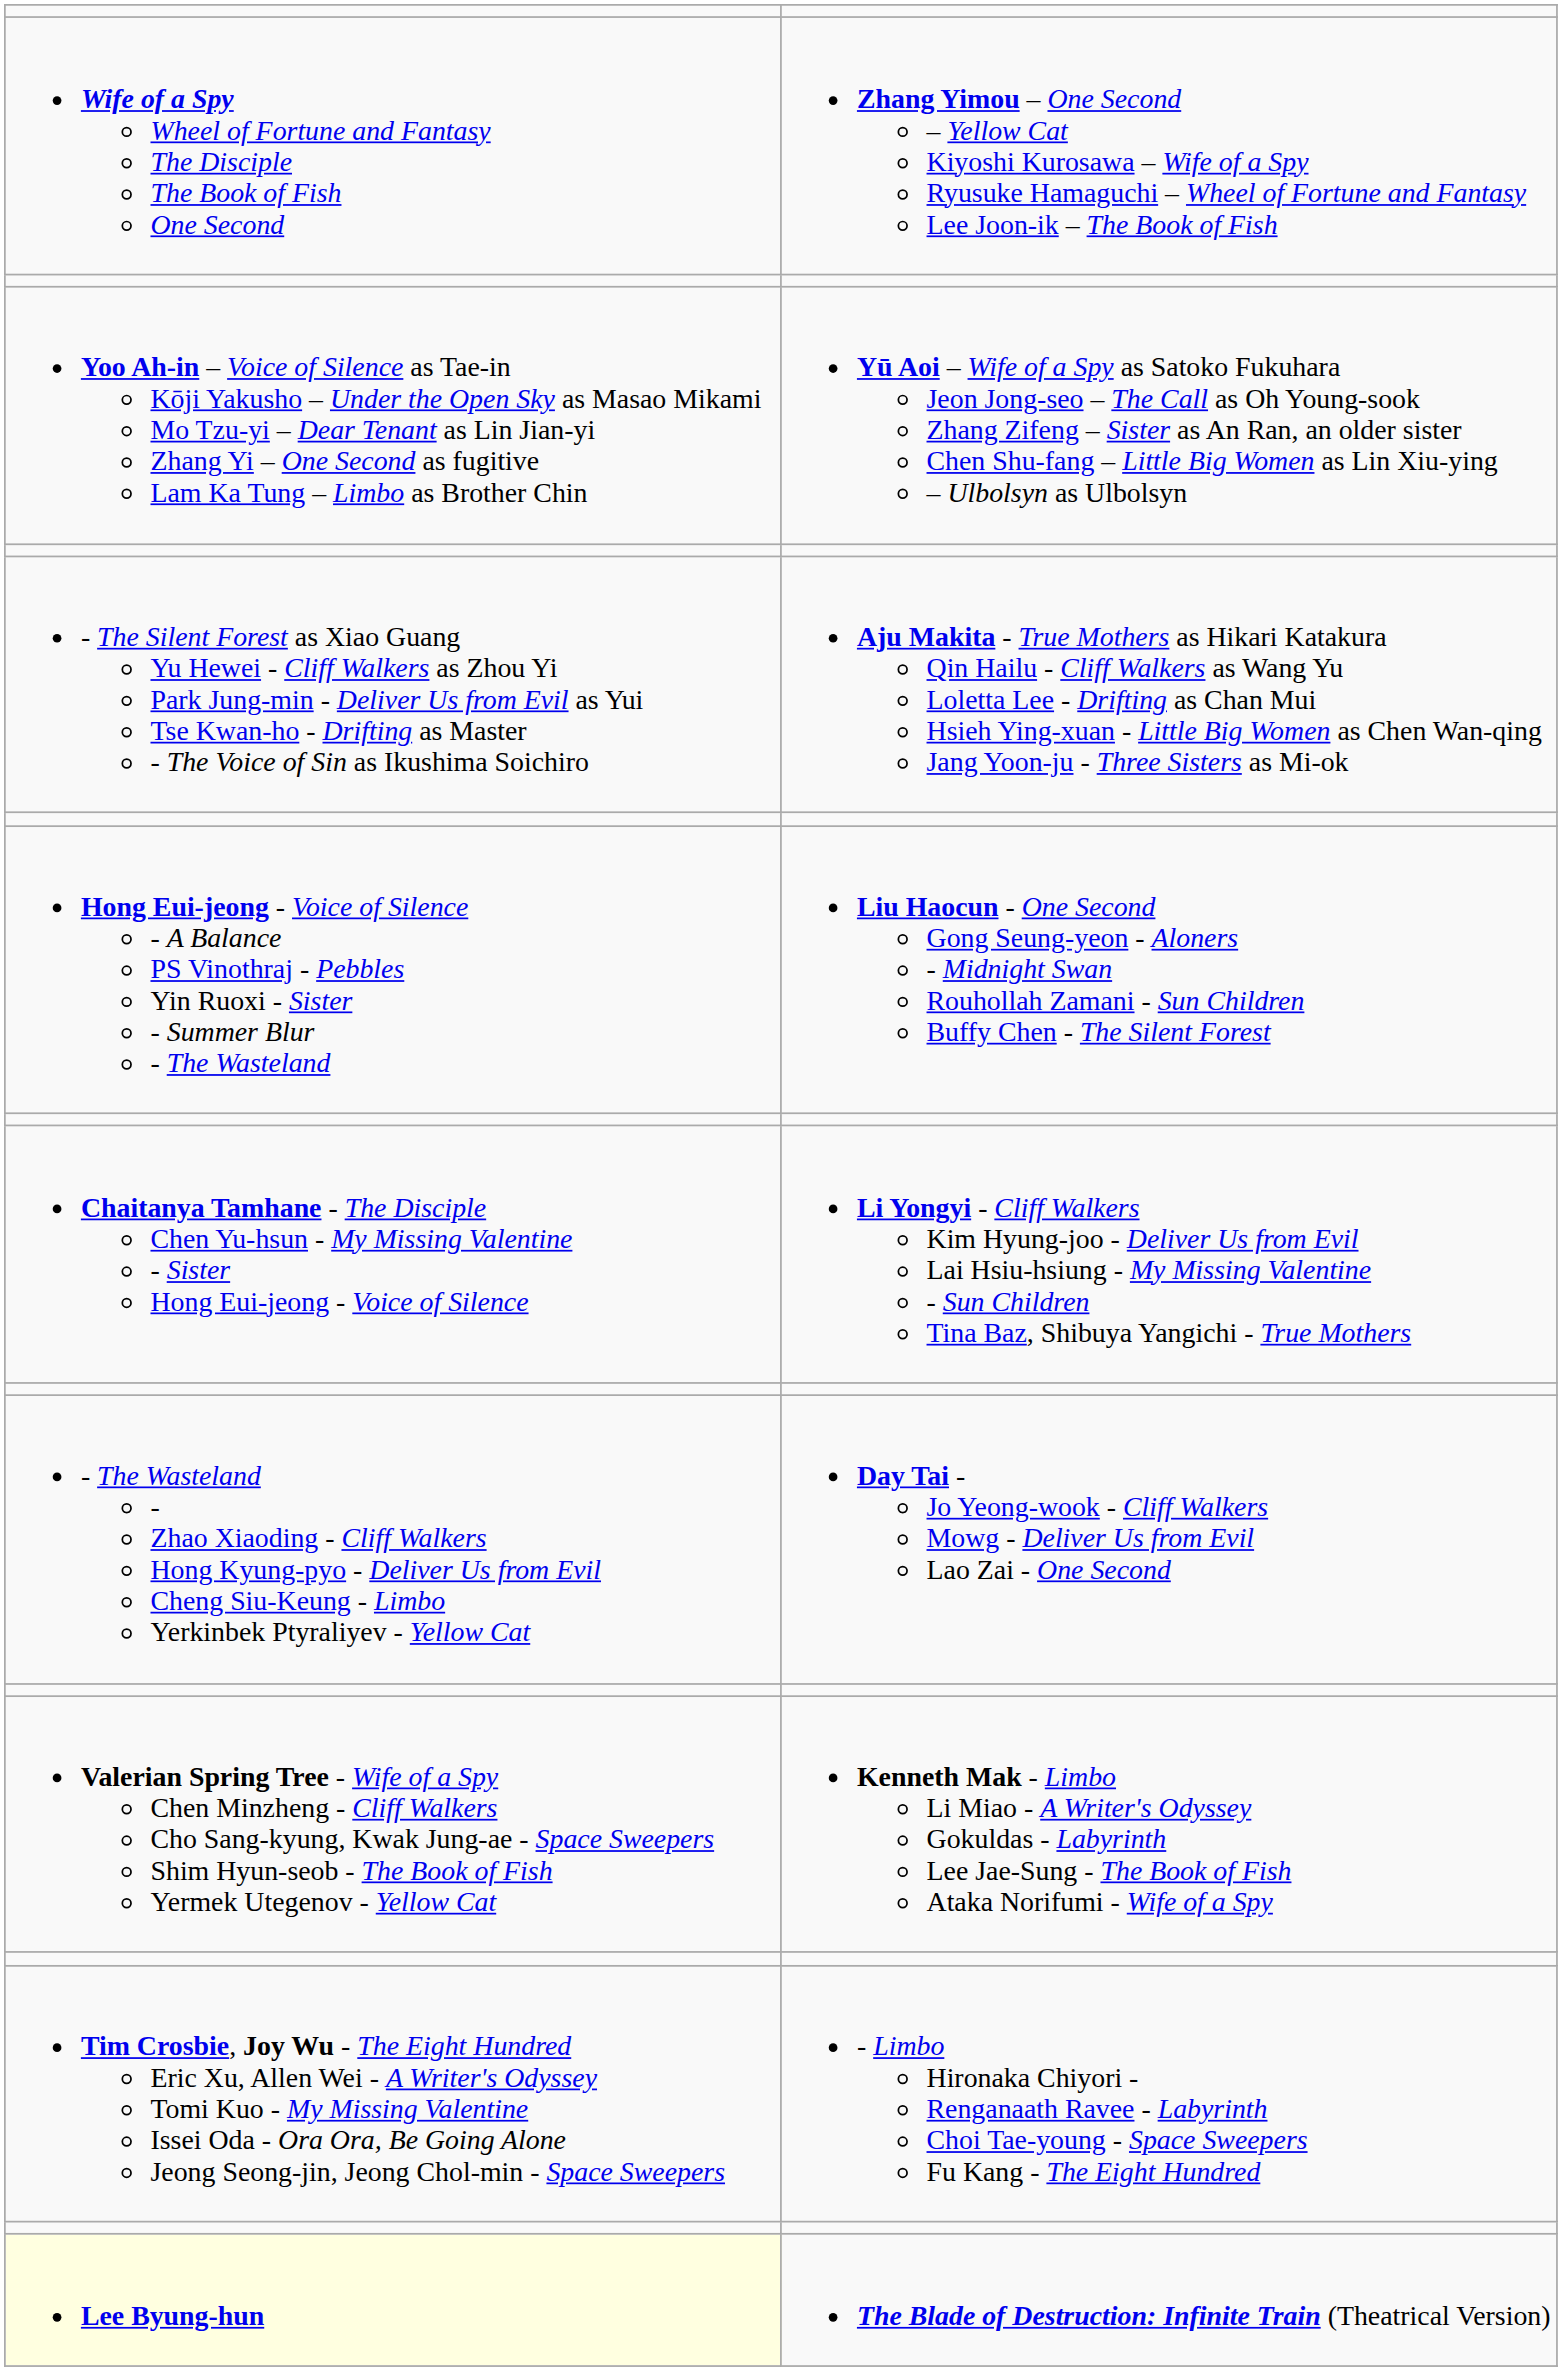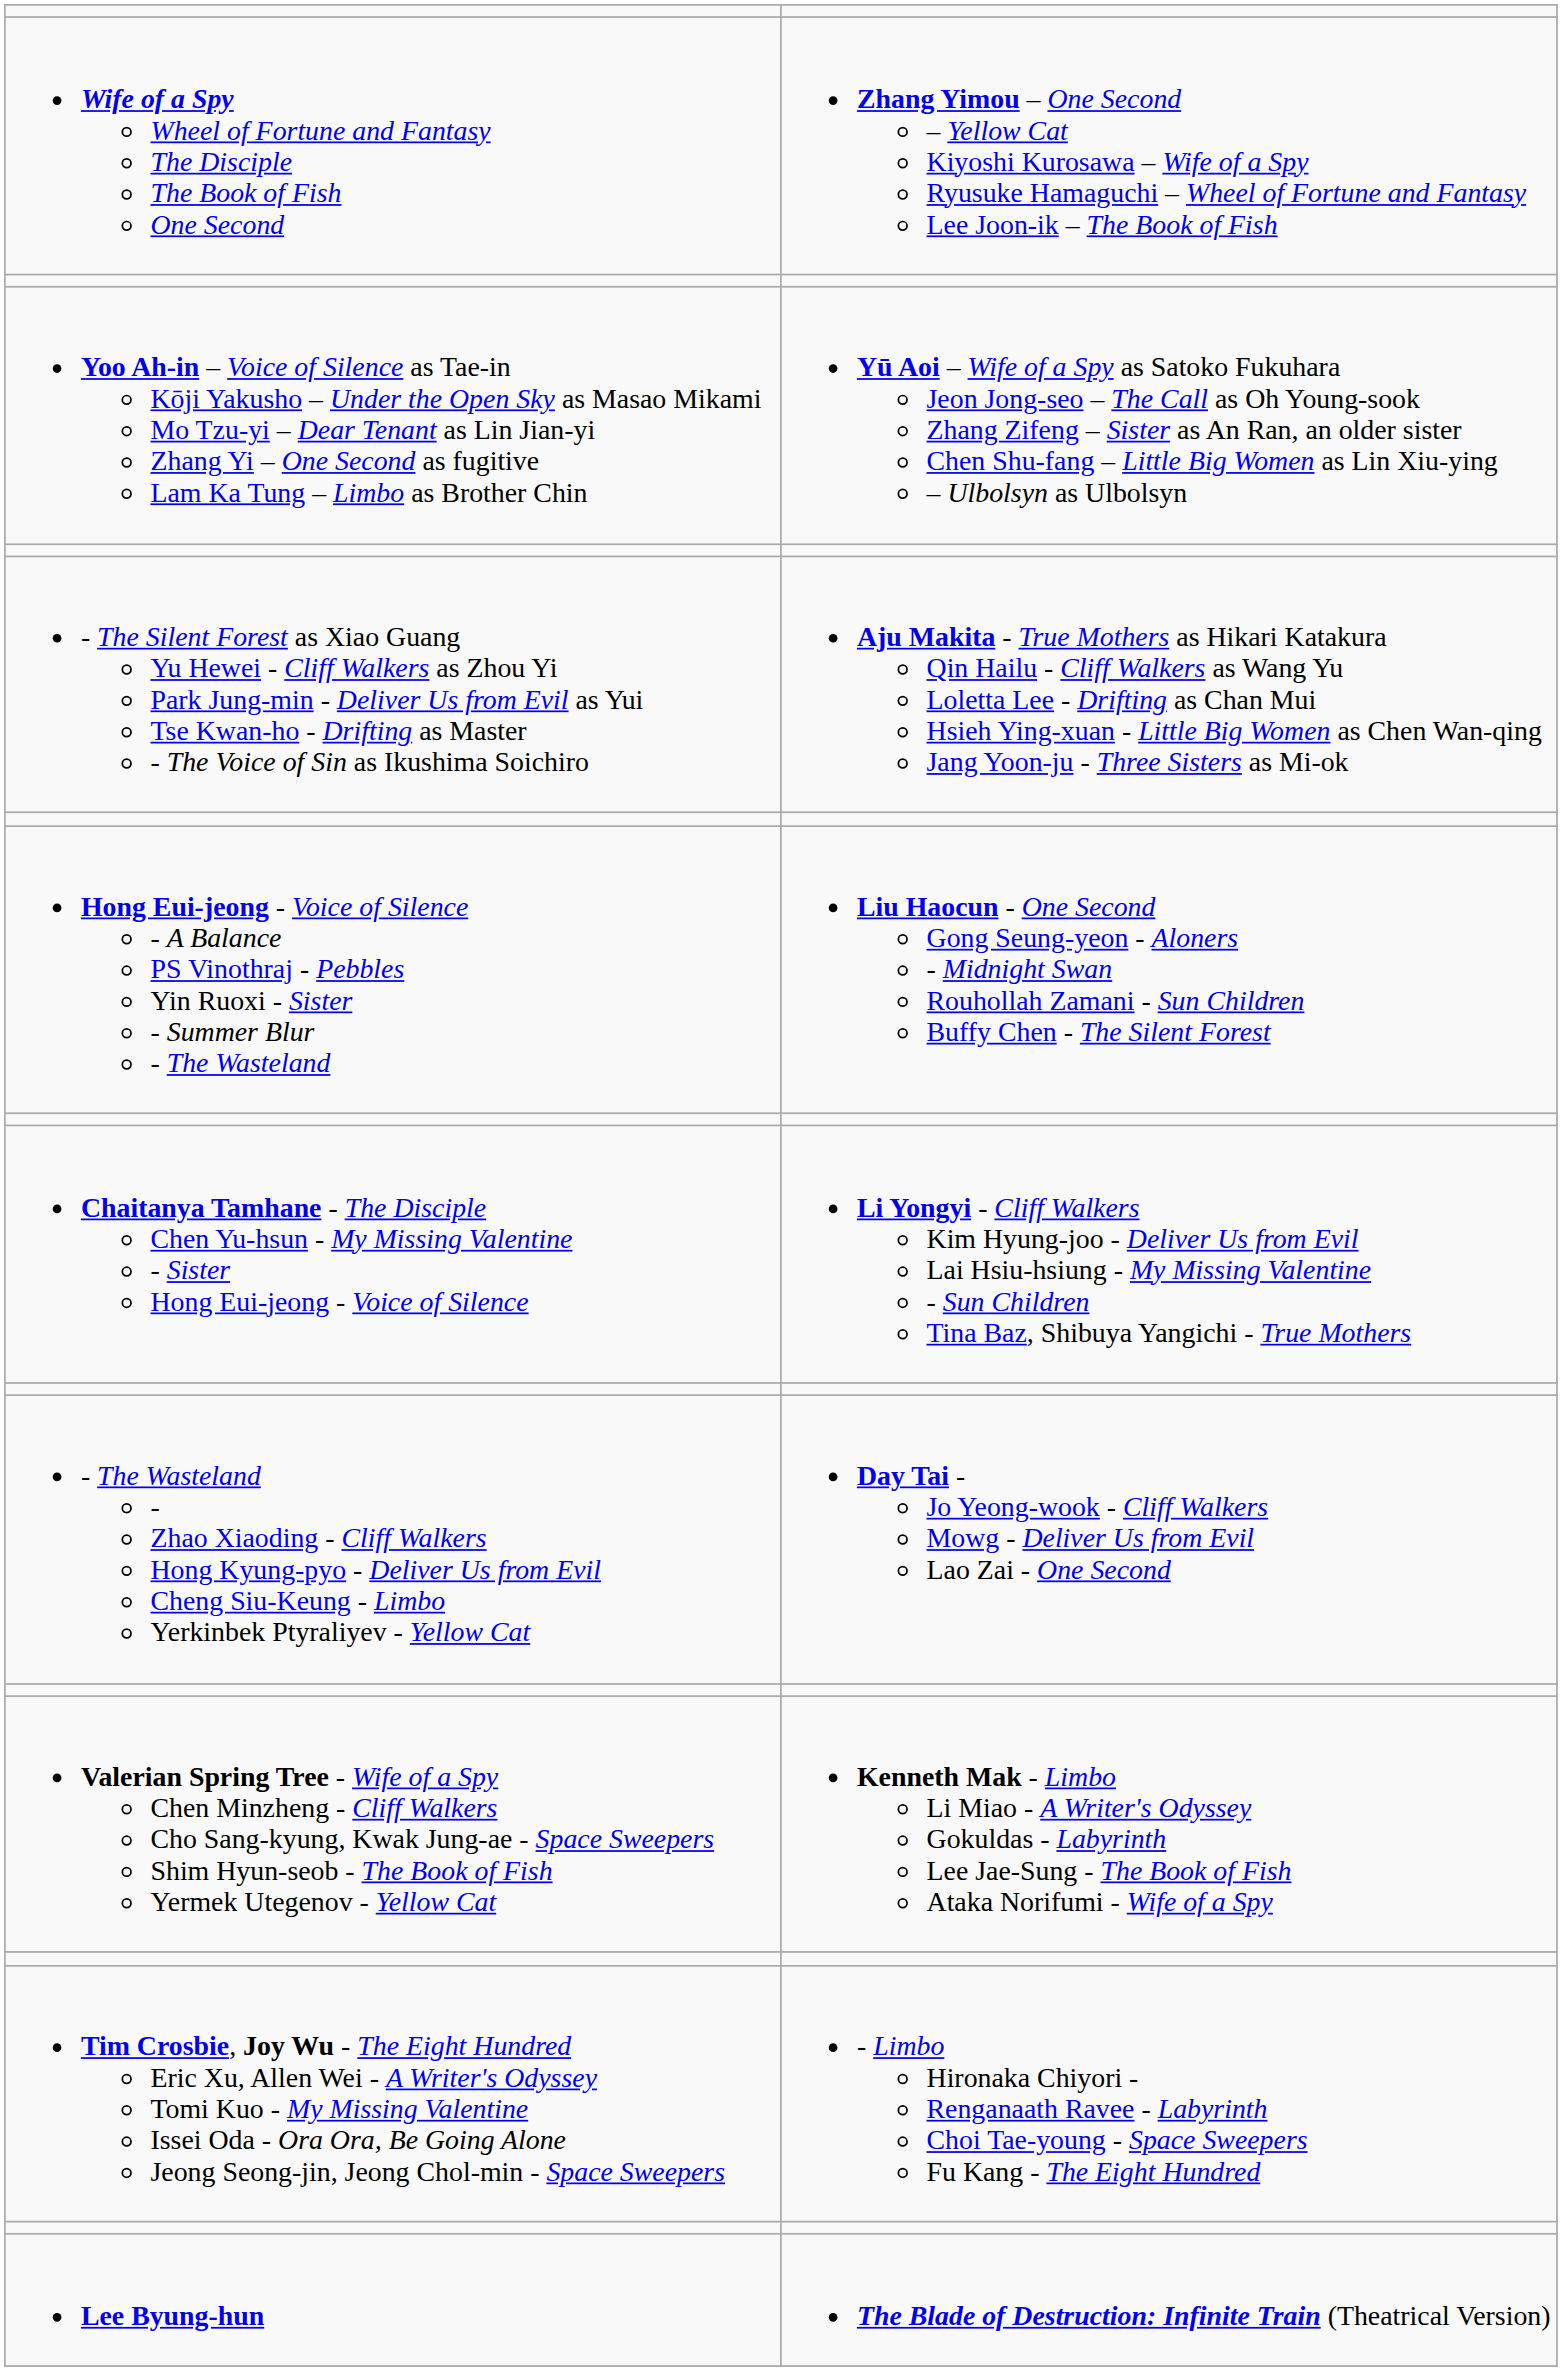 <table class="wikitable">
 <tr>
 <td></td>
 <td></td>
 </tr>
 <tr>
 <td valign="top"><br><ul><li><strong><em><a href='#'>Wife of a Spy</a></em></strong><ul><li><em><a href='#'>Wheel of Fortune and Fantasy</a></em> </li><li><em><a href='#'>The Disciple</a></em> </li><li><em><a href='#'>The Book of Fish</a></em> </li><li><em><a href='#'>One Second</a></em> </li></ul></li></ul></td>
 <td valign="top"><br><ul><li><strong><a href='#'>Zhang Yimou</a></strong> – <em><a href='#'>One Second</a></em> <ul><li> – <em><a href='#'>Yellow Cat</a></em> </li><li><a href='#'>Kiyoshi Kurosawa</a> – <em><a href='#'>Wife of a Spy</a></em> </li><li><a href='#'>Ryusuke Hamaguchi</a> – <em><a href='#'>Wheel of Fortune and Fantasy</a></em> </li><li><a href='#'>Lee Joon-ik</a> – <em><a href='#'>The Book of Fish</a></em> </li></ul></li></ul></td>
 </tr>
 <tr>
 <td></td>
 <td></td>
 </tr>
 <tr>
 <td valign="top"><br><ul><li><strong><a href='#'>Yoo Ah-in</a></strong> – <em><a href='#'>Voice of Silence</a></em> as Tae-in <ul><li><a href='#'>Kōji Yakusho</a> – <em><a href='#'>Under the Open Sky</a></em> as Masao Mikami </li><li><a href='#'>Mo Tzu-yi</a> – <em><a href='#'>Dear Tenant</a></em> as Lin Jian-yi </li><li><a href='#'>Zhang Yi</a> – <em><a href='#'>One Second</a></em>  as fugitive </li><li><a href='#'>Lam Ka Tung</a> – <em><a href='#'>Limbo</a></em> as Brother Chin </li></ul></li></ul></td>
 <td valign="top"><br><ul><li><strong><a href='#'>Yū Aoi</a></strong> – <em><a href='#'>Wife of a Spy</a></em> as Satoko Fukuhara <ul><li><a href='#'>Jeon Jong-seo</a> – <em><a href='#'>The Call</a></em> as Oh Young-sook </li><li><a href='#'>Zhang Zifeng</a> – <em><a href='#'>Sister</a></em> as An Ran, an older sister </li><li><a href='#'>Chen Shu-fang</a> – <em><a href='#'>Little Big Women</a></em> as Lin Xiu-ying </li><li> – <em>Ulbolsyn</em> as Ulbolsyn </li></ul></li></ul></td>
 </tr>
 <tr>
 <td style="vertical-align:top; width:50%;"></td>
 <td style="vertical-align:top; width:50%;"></td>
 </tr>
 <tr>
 <td valign="top"><br><ul><li><strong></strong> - <em><a href='#'>The Silent Forest</a></em> as Xiao Guang <ul><li><a href='#'>Yu Hewei</a> - <em><a href='#'>Cliff Walkers</a></em> as Zhou Yi </li><li><a href='#'>Park Jung-min</a> - <em><a href='#'>Deliver Us from Evil</a></em> as Yui </li><li><a href='#'>Tse Kwan-ho</a> - <em><a href='#'>Drifting</a></em> as Master </li><li> - <em>The Voice of Sin</em> as Ikushima Soichiro </li></ul></li></ul></td>
 <td valign="top"><br><ul><li><strong><a href='#'>Aju Makita</a></strong> - <em><a href='#'>True Mothers</a></em> as Hikari Katakura <ul><li><a href='#'>Qin Hailu</a> - <em><a href='#'>Cliff Walkers</a></em> as Wang Yu </li><li><a href='#'>Loletta Lee</a>  - <em><a href='#'>Drifting</a></em> as Chan Mui </li><li><a href='#'>Hsieh Ying-xuan</a> - <em><a href='#'>Little Big Women</a></em> as Chen Wan-qing </li><li><a href='#'>Jang Yoon-ju</a> - <em><a href='#'>Three Sisters</a></em>  as Mi-ok </li></ul></li></ul></td>
 </tr>
 <tr>
 <td style="vertical-align:top; width:50%;"></td>
 <td style="vertical-align:top; width:50%;"></td>
 </tr>
 <tr>
 <td valign="top"><br><ul><li><strong><a href='#'>Hong Eui-jeong</a></strong> - <em><a href='#'>Voice of Silence</a></em> <ul><li> - <em>A Balance</em> </li><li><a href='#'>PS Vinothraj</a> - <em><a href='#'>Pebbles</a></em> </li><li>Yin Ruoxi - <em><a href='#'>Sister</a></em> </li><li> - <em>Summer Blur</em> </li><li> - <em><a href='#'>The Wasteland</a></em> </li></ul></li></ul></td>
 <td valign="top"><br><ul><li><strong><a href='#'>Liu Haocun</a></strong> - <em><a href='#'>One Second</a></em> <ul><li><a href='#'>Gong Seung-yeon</a> - <em><a href='#'>Aloners</a></em> </li><li> - <em><a href='#'>Midnight Swan</a></em> </li><li><a href='#'>Rouhollah Zamani</a> - <em><a href='#'>Sun Children</a></em> </li><li><a href='#'>Buffy Chen</a> - <em><a href='#'>The Silent Forest</a></em> </li></ul></li></ul></td>
 </tr>
 <tr>
 <td style="vertical-align:top; width:50%;"></td>
 <td style="vertical-align:top; width:50%;"></td>
 </tr>
 <tr>
 <td valign="top"><br><ul><li><strong><a href='#'>Chaitanya Tamhane</a></strong> - <em><a href='#'>The Disciple</a></em> <ul><li><a href='#'>Chen Yu-hsun</a> - <em><a href='#'>My Missing Valentine</a></em> </li><li> - <em><a href='#'>Sister</a></em> </li><li><a href='#'>Hong Eui-jeong</a> - <em><a href='#'>Voice of Silence</a></em> </li></ul></li></ul></td>
 <td valign="top"><br><ul><li><strong><a href='#'>Li Yongyi</a></strong> - <em><a href='#'>Cliff Walkers</a></em>  <ul><li>Kim Hyung-joo - <em><a href='#'>Deliver Us from Evil</a></em> </li><li>Lai Hsiu-hsiung - <em><a href='#'>My Missing Valentine</a></em> </li><li> - <em><a href='#'>Sun Children</a></em> </li><li><a href='#'>Tina Baz</a>, Shibuya Yangichi - <em><a href='#'>True Mothers</a></em> </li></ul></li></ul></td>
 </tr>
 <tr>
 <td style="vertical-align:top; width:50%;"></td>
 <td style="vertical-align:top; width:50%;"></td>
 </tr>
 <tr>
 <td valign="top"><br><ul><li><strong></strong> - <em><a href='#'>The Wasteland</a></em> <ul><li> -  </li><li><a href='#'>Zhao Xiaoding</a> - <em><a href='#'>Cliff Walkers</a></em> </li><li><a href='#'>Hong Kyung-pyo</a> - <em><a href='#'>Deliver Us from Evil</a></em> </li><li><a href='#'>Cheng Siu-Keung</a> - <em><a href='#'>Limbo</a></em> </li><li>Yerkinbek Ptyraliyev - <em><a href='#'>Yellow Cat</a></em> </li></ul></li></ul></td>
 <td valign="top"><br><ul><li><strong><a href='#'>Day Tai</a></strong> - <em></em> <ul><li><a href='#'>Jo Yeong-wook</a> - <em><a href='#'>Cliff Walkers</a></em> </li><li><a href='#'>Mowg</a> - <em><a href='#'>Deliver Us from Evil</a></em> </li><li>Lao Zai - <em><a href='#'>One Second</a></em> </li></ul></li></ul></td>
 </tr>
 <tr>
 <td style="vertical-align:top; width:50%;"></td>
 <td style="vertical-align:top; width:50%;"></td>
 </tr>
 <tr>
 <td valign="top"><br><ul><li><strong>Valerian Spring Tree</strong> - <em><a href='#'>Wife of a Spy</a></em> <ul><li>Chen Minzheng  - <em><a href='#'>Cliff Walkers</a></em> </li><li>Cho Sang-kyung, Kwak Jung-ae - <em><a href='#'>Space Sweepers</a></em> </li><li>Shim Hyun-seob - <em><a href='#'>The Book of Fish</a></em> </li><li>Yermek Utegenov - <em><a href='#'>Yellow Cat</a></em> </li></ul></li></ul></td>
 <td valign="top"><br><ul><li><strong>Kenneth Mak</strong> - <em><a href='#'>Limbo</a></em> <ul><li>Li Miao - <em><a href='#'>A Writer's Odyssey</a></em> </li><li>Gokuldas - <em><a href='#'>Labyrinth</a></em> </li><li>Lee Jae-Sung - <em><a href='#'>The Book of Fish</a></em> </li><li>Ataka Norifumi - <em><a href='#'>Wife of a Spy</a></em> </li></ul></li></ul></td>
 </tr>
 <tr>
 <td style="vertical-align:top; width:50%;"></td>
 <td style="vertical-align:top; width:50%;"></td>
 </tr>
 <tr>
 <td valign="top"><br><ul><li><strong><a href='#'>Tim Crosbie</a></strong>, <strong>Joy Wu</strong> - <em><a href='#'>The Eight Hundred</a></em> <ul><li>Eric Xu, Allen Wei - <em><a href='#'>A Writer's Odyssey</a></em> </li><li>Tomi Kuo - <em><a href='#'>My Missing Valentine</a></em> </li><li>Issei Oda - <em>Ora Ora, Be Going Alone</em> </li><li>Jeong Seong-jin, Jeong Chol-min - <em><a href='#'>Space Sweepers</a></em> </li></ul></li></ul></td>
 <td valign="top"><br><ul><li><strong></strong> - <em><a href='#'>Limbo</a></em> <ul><li>Hironaka Chiyori - <em></em> </li><li><a href='#'>Renganaath Ravee</a> - <em><a href='#'>Labyrinth</a></em> </li><li><a href='#'>Choi Tae-young</a> - <em><a href='#'>Space Sweepers</a></em> </li><li>Fu Kang - <em><a href='#'>The Eight Hundred</a></em> </li></ul></li></ul></td>
 </tr>
 <tr>
 <td style="vertical-align:top; width:50%;"></td>
 <td style="vertical-align:top; width:50%;"></td>
 </tr>
 <tr>
-<td valign="top" style="background: lightyellow;"><br><ul><li><strong><a href='#'>Lee Byung-hun</a></strong> </li></ul></td>
+<td valign="top"><br><ul><li><strong><a href='#'>Lee Byung-hun</a></strong> </li></ul></td>
 <td valign="top"><br><ul><li><strong><em><a href='#'>The Blade of Destruction: Infinite Train</a></em></strong> (Theatrical Version) </li></ul></td>
 </tr>
 </table>
